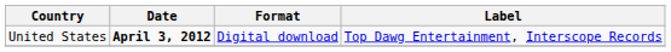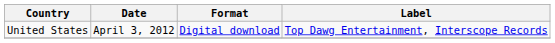 <table class="wikitable">
 <tr>
 <th>Country</th>
 <th>Date</th>
 <th>Format</th>
 <th>Label</th>
 </tr>
 <tr>
 <td rowspan="1">United States</td>
-<td><strong>April 3, 2012</strong></td>
+<td>April 3, 2012</td>
 <td><a href='#'>Digital download</a></td>
 <td rowspan="1"><a href='#'>Top Dawg Entertainment</a>, <a href='#'>Interscope Records</a></td>
 </tr>
 <tr>
 </tr>
 </table>
